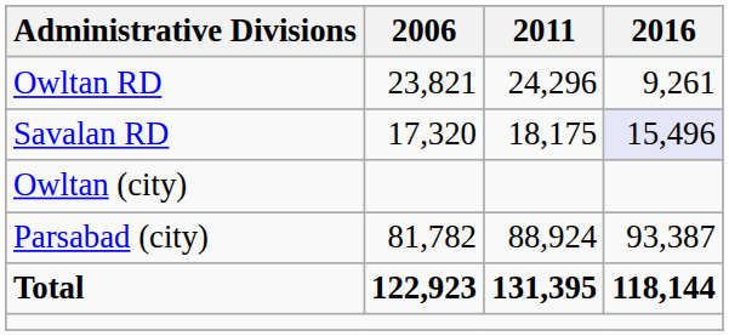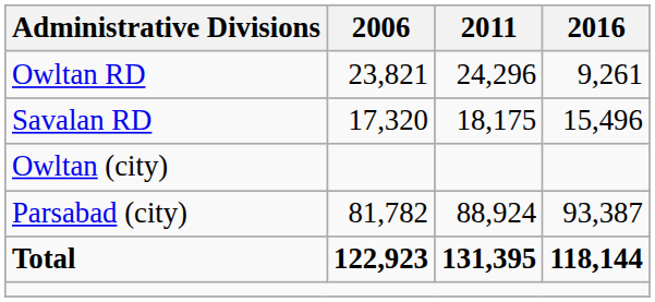 <table class="wikitable">
 <tr>
 <th>Administrative Divisions</th>
 <th>2006</th>
 <th>2011</th>
 <th>2016</th>
 </tr>
 <tr>
 <td><a href='#'>Owltan RD</a></td>
 <td style="text-align: right;">23,821</td>
 <td style="text-align: right;">24,296</td>
 <td style="text-align: right;">9,261</td>
 </tr>
 <tr>
 <td><a href='#'>Savalan RD</a></td>
 <td style="text-align: right;">17,320</td>
 <td style="text-align: right;">18,175</td>
-<td style="background: lavender; text-align: right;">15,496</td>
+<td style="text-align: right;">15,496</td>
 </tr>
 <tr>
 <td><a href='#'>Owltan</a> (city)</td>
 <td style="text-align: right;"></td>
 <td style="text-align: right;"></td>
 <td style="text-align: right;"></td>
 </tr>
 <tr>
 <td><a href='#'>Parsabad</a> (city)</td>
 <td style="text-align: right;">81,782</td>
 <td style="text-align: right;">88,924</td>
 <td style="text-align: right;">93,387</td>
 </tr>
 <tr>
 <td><strong>Total</strong></td>
 <td style="text-align: right;"><strong>122,923</strong></td>
 <td style="text-align: right;"><strong>131,395</strong></td>
 <td style="text-align: right;"><strong>118,144</strong></td>
 </tr>
 <tr>
 <td colspan=4></td>
 </tr>
 </table>
